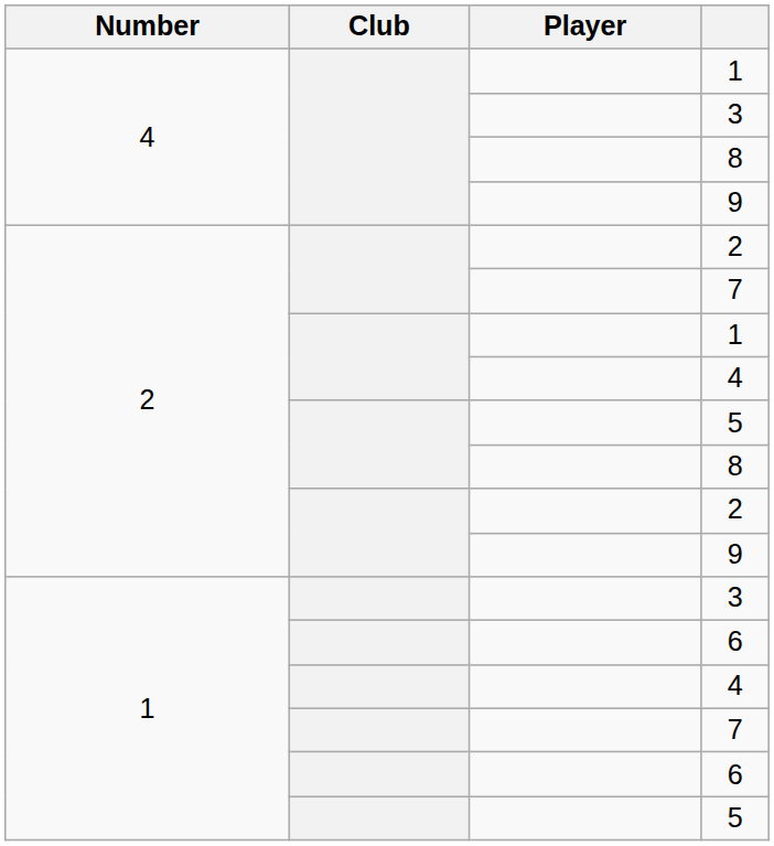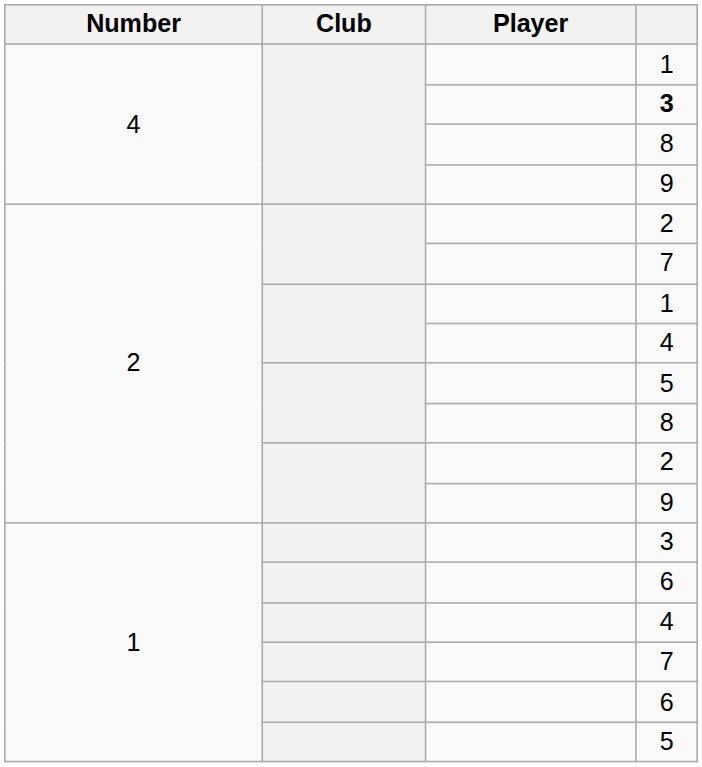 <table class="wikitable plainrowheaders" style="text-align:center; width:35%">
 <tr>
 <th>Number</th>
 <th>Club</th>
 <th>Player</th>
 <th></th>
 </tr>
 <tr>
 <td rowspan=4>4</td>
 <th scope=row rowspan=4></th>
 <td align=left></td>
 <td>1</td>
 </tr>
 <tr>
 <td align=left></td>
-<td>3</td>
+<td><strong>3</strong></td>
 </tr>
 <tr>
 <td align=left></td>
 <td>8</td>
 </tr>
 <tr>
 <td align=left></td>
 <td>9</td>
 </tr>
 <tr>
 <td rowspan=8>2</td>
 <th scope=row rowspan=2></th>
 <td align=left><strong></strong></td>
 <td>2</td>
 </tr>
 <tr>
 <td align=left></td>
 <td>7</td>
 </tr>
 <tr>
 <th scope=row rowspan=2></th>
 <td align=left></td>
 <td>1</td>
 </tr>
 <tr>
 <td align=left></td>
 <td>4</td>
 </tr>
 <tr>
 <th scope=row rowspan=2></th>
 <td align=left></td>
 <td>5</td>
 </tr>
 <tr>
 <td align=left></td>
 <td>8</td>
 </tr>
 <tr>
 <th scope=row rowspan=2></th>
 <td align=left></td>
 <td>2</td>
 </tr>
 <tr>
 <td align=left></td>
 <td>9</td>
 </tr>
 <tr>
 <td rowspan=7>1</td>
 <th scope=row></th>
 <td align=left></td>
 <td>3</td>
 </tr>
 <tr>
 <th scope=row></th>
 <td align=left></td>
 <td>6</td>
 </tr>
 <tr>
 <th scope=row></th>
 <td align=left></td>
 <td>4</td>
 </tr>
 <tr>
 <th scope=row></th>
 <td align=left></td>
 <td>7</td>
 </tr>
 <tr>
 <th scope=row></th>
 <td align=left></td>
 <td>6</td>
 </tr>
 <tr>
 <th scope=row></th>
 <td align=left></td>
 <td>5</td>
 </tr>
 </table>
